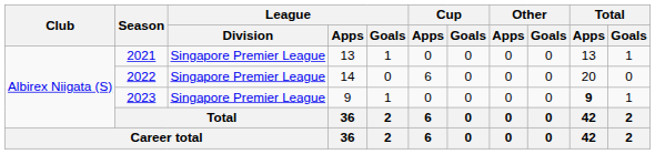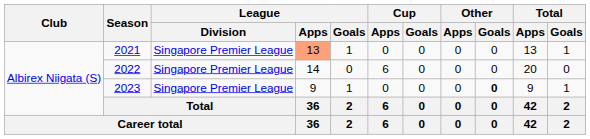 <table class="wikitable" style="text-align: center">
 <tr>
 <th rowspan="2">Club</th>
 <th rowspan="2">Season</th>
 <th colspan="3">League</th>
 <th colspan="2">Cup</th>
 <th colspan="2">Other</th>
 <th colspan="2">Total</th>
 </tr>
 <tr>
 <th>Division</th>
 <th>Apps</th>
 <th>Goals</th>
 <th>Apps</th>
 <th>Goals</th>
 <th>Apps</th>
 <th>Goals</th>
 <th>Apps</th>
 <th>Goals</th>
 </tr>
 <tr>
 <td rowspan="4"><a href='#'>Albirex Niigata (S)</a></td>
 <td><a href='#'>2021</a></td>
 <td><a href='#'>Singapore Premier League</a></td>
-<td>13</td>
+<td style="background: lightsalmon;">13</td>
 <td>1</td>
 <td>0</td>
 <td>0</td>
 <td>0</td>
 <td>0</td>
 <td>13</td>
 <td>1</td>
 </tr>
 <tr>
 <td><a href='#'>2022</a></td>
 <td><a href='#'>Singapore Premier League</a></td>
 <td>14</td>
 <td>0</td>
 <td>6</td>
 <td>0</td>
 <td>0</td>
 <td>0</td>
 <td>20</td>
 <td>0</td>
 </tr>
 <tr>
 <td><a href='#'>2023</a></td>
 <td><a href='#'>Singapore Premier League</a></td>
 <td>9</td>
 <td>1</td>
 <td>0</td>
 <td>0</td>
 <td>0</td>
-<td>0</td>
-<td><strong>9</strong></td>
+<td><strong>0</strong></td>
+<td>9</td>
 <td>1</td>
 </tr>
 <tr>
 <th colspan=2>Total</th>
 <th>36</th>
 <th>2</th>
 <th>6</th>
 <th>0</th>
 <th>0</th>
 <th>0</th>
 <th>42</th>
 <th>2</th>
 </tr>
 <tr>
 <th colspan=3>Career total</th>
 <th>36</th>
 <th>2</th>
 <th>6</th>
 <th>0</th>
 <th>0</th>
 <th>0</th>
 <th>42</th>
 <th>2</th>
 </tr>
 </table>
